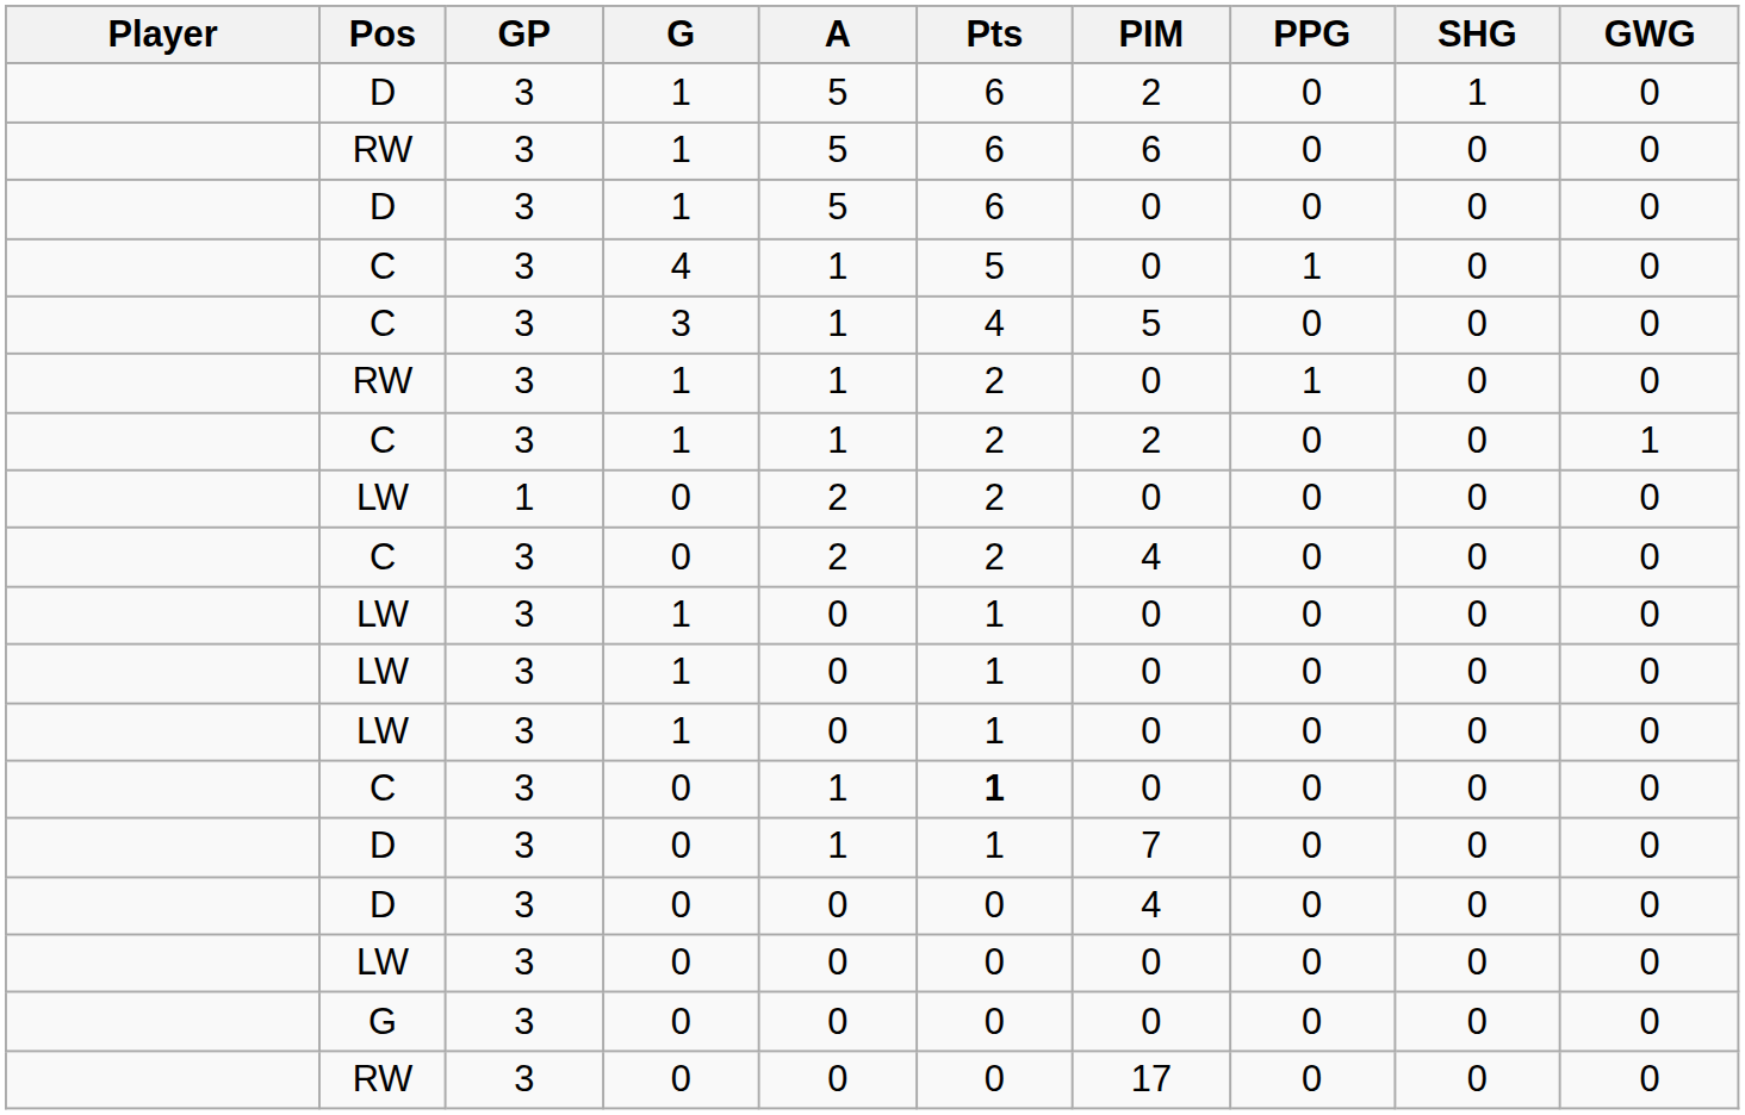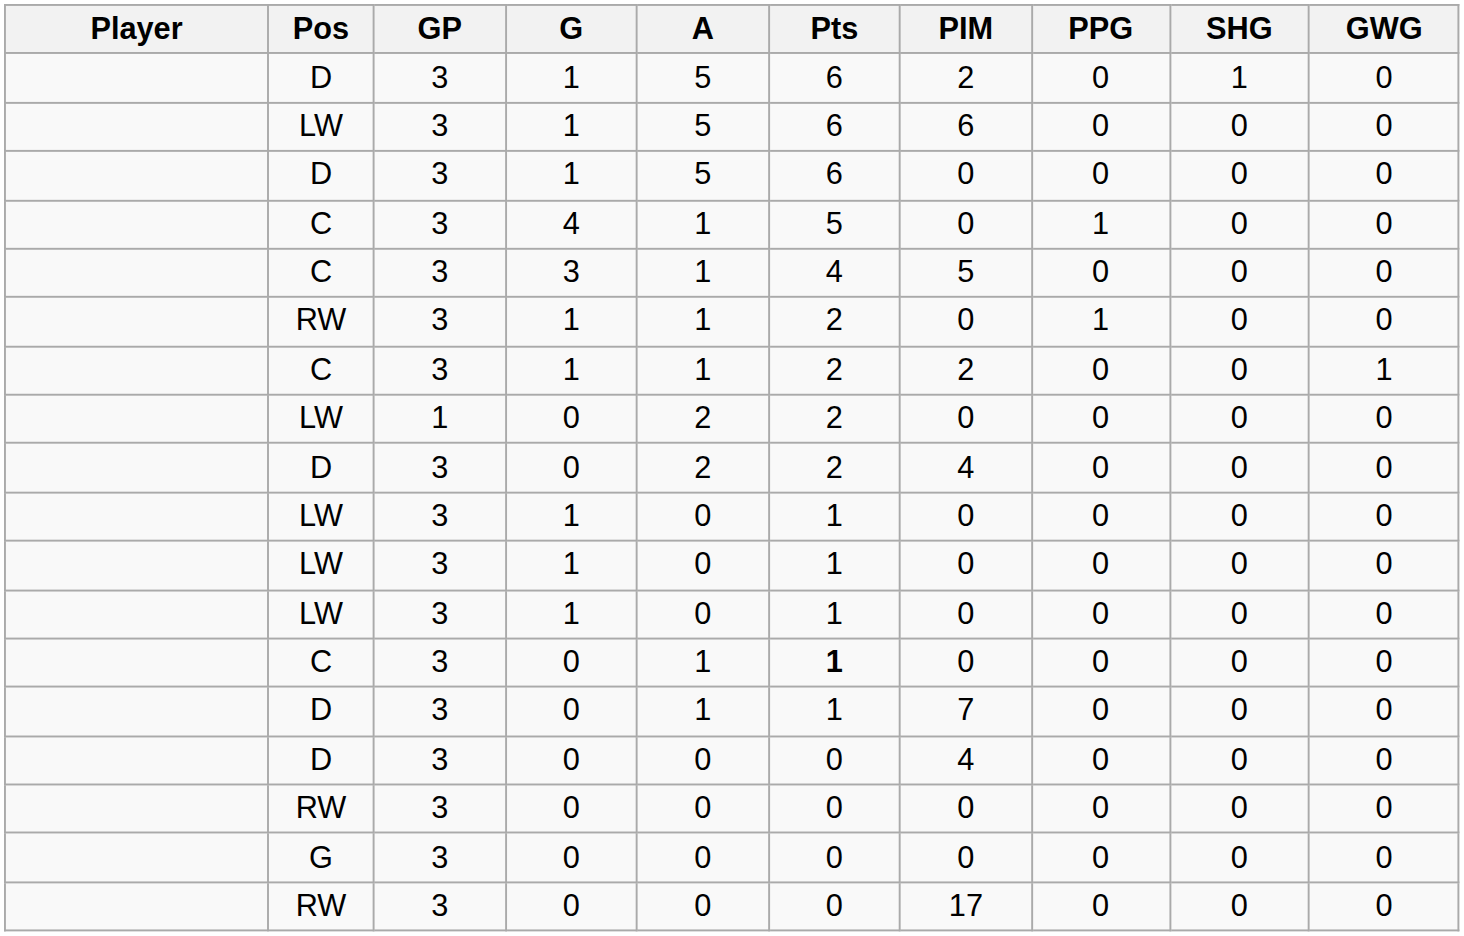 <table class="wikitable sortable" width="60%">
 <tr ALIGN="center">
 <th bgcolor="#DDDDFF" width="10%">Player</th>
 <th bgcolor="#DDDDFF" width="3%" title="Position">Pos</th>
 <th bgcolor="#DDDDFF" width="5%" title="Games played">GP</th>
 <th bgcolor="#DDDDFF" width="5%" title="Goals">G</th>
 <th bgcolor="#DDDDFF" width="5%" title="Assists">A</th>
 <th bgcolor="#DDDDFF" width="5%" title="Points">Pts</th>
 <th bgcolor="#DDDDFF" width="5%" title="Penalties in Minutes">PIM</th>
 <th bgcolor="#DDDDFF" width="5%" title="Power play goals">PPG</th>
 <th bgcolor="#DDDDFF" width="5%" title="Short-handed goals">SHG</th>
 <th bgcolor="#DDDDFF" width="5%" title="Game-winning goals">GWG</th>
 </tr>
 <tr align="center">
 <td align="right"></td>
 <td>D</td>
 <td>3</td>
 <td>1</td>
 <td>5</td>
 <td>6</td>
 <td>2</td>
 <td>0</td>
 <td>1</td>
 <td>0</td>
 </tr>
 <tr align="center">
 <td align="right"></td>
-<td>RW</td>
+<td>LW</td>
 <td>3</td>
 <td>1</td>
 <td>5</td>
 <td>6</td>
 <td>6</td>
 <td>0</td>
 <td>0</td>
 <td>0</td>
 </tr>
 <tr align="center">
 <td align="right"></td>
 <td>D</td>
 <td>3</td>
 <td>1</td>
 <td>5</td>
 <td>6</td>
 <td>0</td>
 <td>0</td>
 <td>0</td>
 <td>0</td>
 </tr>
 <tr align="center">
 <td align="right"></td>
 <td>C</td>
 <td>3</td>
 <td>4</td>
 <td>1</td>
 <td>5</td>
 <td>0</td>
 <td>1</td>
 <td>0</td>
 <td>0</td>
 </tr>
 <tr align="center">
 <td align="right"></td>
 <td>C</td>
 <td>3</td>
 <td>3</td>
 <td>1</td>
 <td>4</td>
 <td>5</td>
 <td>0</td>
 <td>0</td>
 <td>0</td>
 </tr>
 <tr align="center">
 <td align="right"></td>
 <td>RW</td>
 <td>3</td>
 <td>1</td>
 <td>1</td>
 <td>2</td>
 <td>0</td>
 <td>1</td>
 <td>0</td>
 <td>0</td>
 </tr>
 <tr align="center">
 <td align="right"></td>
 <td>C</td>
 <td>3</td>
 <td>1</td>
 <td>1</td>
 <td>2</td>
 <td>2</td>
 <td>0</td>
 <td>0</td>
 <td>1</td>
 </tr>
 <tr align="center">
 <td align="right"></td>
 <td>LW</td>
 <td>1</td>
 <td>0</td>
 <td>2</td>
 <td>2</td>
 <td>0</td>
 <td>0</td>
 <td>0</td>
 <td>0</td>
 </tr>
 <tr align="center">
 <td align="right"></td>
-<td>C</td>
+<td>D</td>
 <td>3</td>
 <td>0</td>
 <td>2</td>
 <td>2</td>
 <td>4</td>
 <td>0</td>
 <td>0</td>
 <td>0</td>
 </tr>
 <tr align="center">
 <td align="right"></td>
 <td>LW</td>
 <td>3</td>
 <td>1</td>
 <td>0</td>
 <td>1</td>
 <td>0</td>
 <td>0</td>
 <td>0</td>
 <td>0</td>
 </tr>
 <tr align="center">
 <td align="right"></td>
 <td>LW</td>
 <td>3</td>
 <td>1</td>
 <td>0</td>
 <td>1</td>
 <td>0</td>
 <td>0</td>
 <td>0</td>
 <td>0</td>
 </tr>
 <tr align="center">
 <td align="right"></td>
 <td>LW</td>
 <td>3</td>
 <td>1</td>
 <td>0</td>
 <td>1</td>
 <td>0</td>
 <td>0</td>
 <td>0</td>
 <td>0</td>
 </tr>
 <tr align="center">
 <td align="right"></td>
 <td>C</td>
 <td>3</td>
 <td>0</td>
 <td>1</td>
 <td><strong>1</strong></td>
 <td>0</td>
 <td>0</td>
 <td>0</td>
 <td>0</td>
 </tr>
 <tr align="center">
 <td align="right"></td>
 <td>D</td>
 <td>3</td>
 <td>0</td>
 <td>1</td>
 <td>1</td>
 <td>7</td>
 <td>0</td>
 <td>0</td>
 <td>0</td>
 </tr>
 <tr align="center">
 <td align="right"></td>
 <td>D</td>
 <td>3</td>
 <td>0</td>
 <td>0</td>
 <td>0</td>
 <td>4</td>
 <td>0</td>
 <td>0</td>
 <td>0</td>
 </tr>
 <tr align="center">
 <td align="right"></td>
-<td>LW</td>
+<td>RW</td>
 <td>3</td>
 <td>0</td>
 <td>0</td>
 <td>0</td>
 <td>0</td>
 <td>0</td>
 <td>0</td>
 <td>0</td>
 </tr>
 <tr align="center">
 <td align="right"></td>
 <td>G</td>
 <td>3</td>
 <td>0</td>
 <td>0</td>
 <td>0</td>
 <td>0</td>
 <td>0</td>
 <td>0</td>
 <td>0</td>
 </tr>
 <tr align="center">
 <td align="right"></td>
 <td>RW</td>
 <td>3</td>
 <td>0</td>
 <td>0</td>
 <td>0</td>
 <td>17</td>
 <td>0</td>
 <td>0</td>
 <td>0</td>
 </tr>
 </table>
